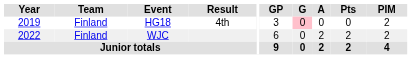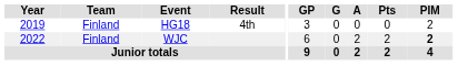 <table border="0" cellpadding="1" cellspacing="0" ID="Table3" style="text-align:center; width:40em;">
 <tr bgcolor="#e0e0e0">
 <th>Year</th>
 <th>Team</th>
 <th>Event</th>
 <th>Result</th>
 <th rowspan="99" bgcolor="#ffffff"></th>
 <th>GP</th>
 <th>G</th>
 <th>A</th>
 <th>Pts</th>
 <th>PIM</th>
 </tr>
 <tr>
 <td><a href='#'>2019</a></td>
 <td><a href='#'>Finland</a></td>
 <td><a href='#'>HG18</a></td>
 <td>4th</td>
 <td>3</td>
-<td style="background: pink;">0</td>
+<td>0</td>
 <td>0</td>
 <td>0</td>
 <td>2</td>
 </tr>
 <tr bgcolor="#f0f0f0">
 <td><a href='#'>2022</a></td>
 <td><a href='#'>Finland</a></td>
 <td><a href='#'>WJC</a></td>
 <td></td>
 <td>6</td>
 <td>0</td>
 <td>2</td>
 <td>2</td>
-<td>2</td>
+<td><strong>2</strong></td>
 </tr>
 <tr bgcolor="#e0e0e0">
 <th colspan="4">Junior totals</th>
 <th>9</th>
 <th>0</th>
 <th>2</th>
 <th>2</th>
 <th>4</th>
 </tr>
 </table>
